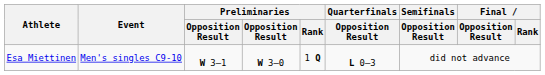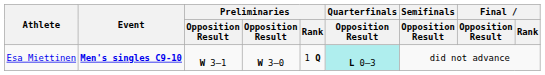 <table class=wikitable style="font-size:90%">
 <tr>
 <th rowspan="2">Athlete</th>
 <th rowspan="2">Event</th>
 <th colspan="3">Preliminaries</th>
 <th>Quarterfinals</th>
 <th>Semifinals</th>
 <th colspan="2">Final / </th>
 </tr>
 <tr>
 <th>Opposition<br>Result</th>
 <th>Opposition<br>Result</th>
 <th>Rank</th>
 <th>Opposition<br>Result</th>
 <th>Opposition<br>Result</th>
 <th>Opposition<br>Result</th>
 <th>Rank</th>
 </tr>
 <tr>
 <td><a href='#'>Esa Miettinen</a></td>
-<td><a href='#'>Men's singles C9-10</a></td>
+<td><strong><a href='#'>Men's singles C9-10</a></strong></td>
 <td align="center"><br><strong>W</strong> 3–1</td>
 <td align="center"><br><strong>W</strong> 3–0</td>
 <td align="center">1 <strong>Q</strong></td>
-<td align="center"><br><strong>L</strong> 0–3</td>
+<td align="center" style="background: paleturquoise;"><br><strong>L</strong> 0–3</td>
 <td align="center" colspan="3">did not advance</td>
 </tr>
 </table>
